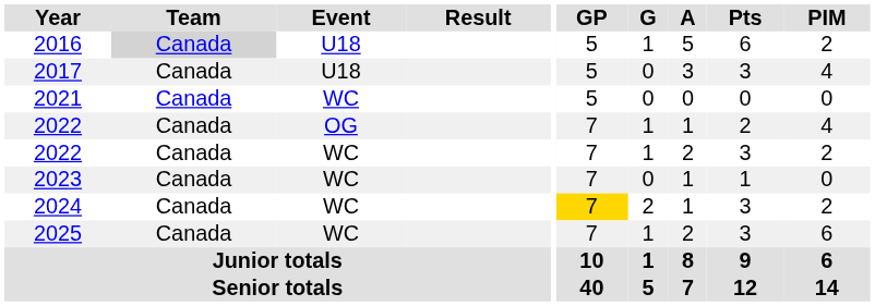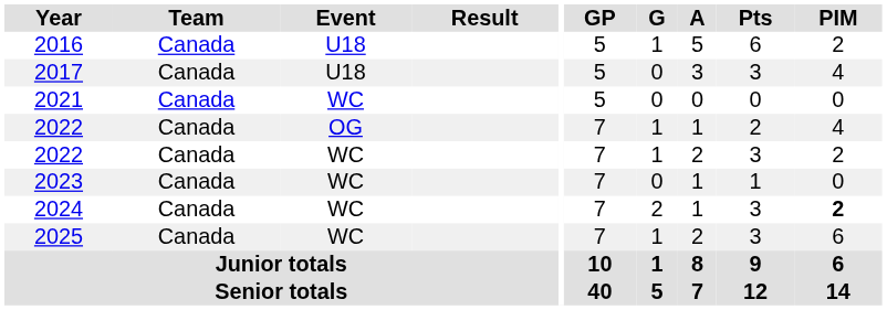 <table border="0" cellpadding="1" cellspacing="0" ID="Table3" style="text-align:center; width:40em">
 <tr ALIGN="center" bgcolor="#e0e0e0">
 <th>Year</th>
 <th>Team</th>
 <th>Event</th>
 <th>Result</th>
 <th rowspan="99" bgcolor="#ffffff"></th>
 <th>GP</th>
 <th>G</th>
 <th>A</th>
 <th>Pts</th>
 <th>PIM</th>
 </tr>
 <tr>
 <td><a href='#'>2016</a></td>
-<td style="background: lightgrey;"><a href='#'>Canada</a></td>
+<td><a href='#'>Canada</a></td>
 <td><a href='#'>U18</a></td>
 <td></td>
 <td>5</td>
 <td>1</td>
 <td>5</td>
 <td>6</td>
 <td>2</td>
 </tr>
 <tr bgcolor="f0f0f0">
 <td><a href='#'>2017</a></td>
 <td>Canada</td>
 <td>U18</td>
 <td></td>
 <td>5</td>
 <td>0</td>
 <td>3</td>
 <td>3</td>
 <td>4</td>
 </tr>
 <tr>
 <td><a href='#'>2021</a></td>
 <td><a href='#'>Canada</a></td>
 <td><a href='#'>WC</a></td>
 <td></td>
 <td>5</td>
 <td>0</td>
 <td>0</td>
 <td>0</td>
 <td>0</td>
 </tr>
 <tr bgcolor="f0f0f0">
 <td><a href='#'>2022</a></td>
 <td>Canada</td>
 <td><a href='#'>OG</a></td>
 <td></td>
 <td>7</td>
 <td>1</td>
 <td>1</td>
 <td>2</td>
 <td>4</td>
 </tr>
 <tr>
 <td><a href='#'>2022</a></td>
 <td>Canada</td>
 <td>WC</td>
 <td></td>
 <td>7</td>
 <td>1</td>
 <td>2</td>
 <td>3</td>
 <td>2</td>
 </tr>
 <tr bgcolor="f0f0f0">
 <td><a href='#'>2023</a></td>
 <td>Canada</td>
 <td>WC</td>
 <td></td>
 <td>7</td>
 <td>0</td>
 <td>1</td>
 <td>1</td>
 <td>0</td>
 </tr>
 <tr>
 <td><a href='#'>2024</a></td>
 <td>Canada</td>
 <td>WC</td>
 <td></td>
-<td style="background: gold;">7</td>
+<td>7</td>
 <td>2</td>
 <td>1</td>
 <td>3</td>
-<td>2</td>
+<td><strong>2</strong></td>
 </tr>
 <tr bgcolor="f0f0f0">
 <td><a href='#'>2025</a></td>
 <td>Canada</td>
 <td>WC</td>
 <td></td>
 <td>7</td>
 <td>1</td>
 <td>2</td>
 <td>3</td>
 <td>6</td>
 </tr>
 <tr bgcolor="#e0e0e0">
 <th colspan="4">Junior totals</th>
 <th>10</th>
 <th>1</th>
 <th>8</th>
 <th>9</th>
 <th>6</th>
 </tr>
 <tr bgcolor="#e0e0e0">
 <th colspan="4">Senior totals</th>
 <th>40</th>
 <th>5</th>
 <th>7</th>
 <th>12</th>
 <th>14</th>
 </tr>
 </table>
